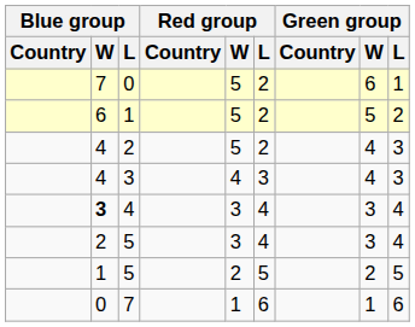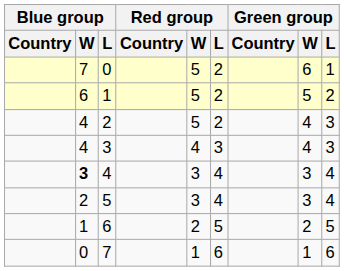 <table class="wikitable">
 <tr>
 <th colspan=3>Blue group</th>
 <th colspan=3>Red group</th>
 <th colspan=3>Green group</th>
 </tr>
 <tr>
 <th>Country</th>
 <th>W</th>
 <th>L</th>
 <th>Country</th>
 <th>W</th>
 <th>L</th>
 <th>Country</th>
 <th>W</th>
 <th>L</th>
 </tr>
 <tr bgcolor="#ffffcc">
 <td></td>
 <td>7</td>
 <td>0</td>
 <td></td>
 <td>5</td>
 <td>2</td>
 <td></td>
 <td>6</td>
 <td>1</td>
 </tr>
 <tr bgcolor="#ffffcc">
 <td></td>
 <td>6</td>
 <td>1</td>
 <td></td>
 <td>5</td>
 <td>2</td>
 <td></td>
 <td>5</td>
 <td>2</td>
 </tr>
 <tr>
 <td></td>
 <td>4</td>
 <td>2</td>
 <td></td>
 <td>5</td>
 <td>2</td>
 <td></td>
 <td>4</td>
 <td>3</td>
 </tr>
 <tr>
 <td></td>
 <td>4</td>
 <td>3</td>
 <td></td>
 <td>4</td>
 <td>3</td>
 <td></td>
 <td>4</td>
 <td>3</td>
 </tr>
 <tr>
 <td></td>
 <td><strong>3</strong></td>
 <td>4</td>
 <td></td>
 <td>3</td>
 <td>4</td>
 <td></td>
 <td>3</td>
 <td>4</td>
 </tr>
 <tr>
 <td></td>
 <td>2</td>
 <td>5</td>
 <td></td>
 <td>3</td>
 <td>4</td>
 <td></td>
 <td>3</td>
 <td>4</td>
 </tr>
 <tr>
 <td></td>
 <td>1</td>
-<td>5</td>
+<td>6</td>
 <td></td>
 <td>2</td>
 <td>5</td>
 <td></td>
 <td>2</td>
 <td>5</td>
 </tr>
 <tr>
 <td></td>
 <td>0</td>
 <td>7</td>
 <td></td>
 <td>1</td>
 <td>6</td>
 <td></td>
 <td>1</td>
 <td>6</td>
 </tr>
 </table>
